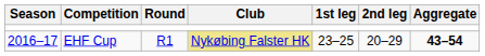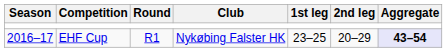 <table class="wikitable">
 <tr>
 <th>Season</th>
 <th>Competition</th>
 <th>Round</th>
 <th>Club</th>
 <th>1st leg</th>
 <th>2nd leg</th>
 <th>Aggregate</th>
 </tr>
 <tr>
 <td colspan="7" bgcolor=white></td>
 </tr>
 <tr>
 <td><a href='#'>2016–17</a></td>
 <td><a href='#'>EHF Cup</a></td>
 <td style="text-align:center;"><a href='#'>R1</a></td>
-<td style="background: khaki;"> <a href='#'>Nykøbing Falster HK</a></td>
+<td> <a href='#'>Nykøbing Falster HK</a></td>
 <td style="text-align:center;">23–25</td>
 <td style="text-align:center;">20–29</td>
-<td style="text-align:center;"><strong>43–54</strong></td>
+<td style="background: lavender; text-align:center;"><strong>43–54</strong></td>
 </tr>
 </table>
